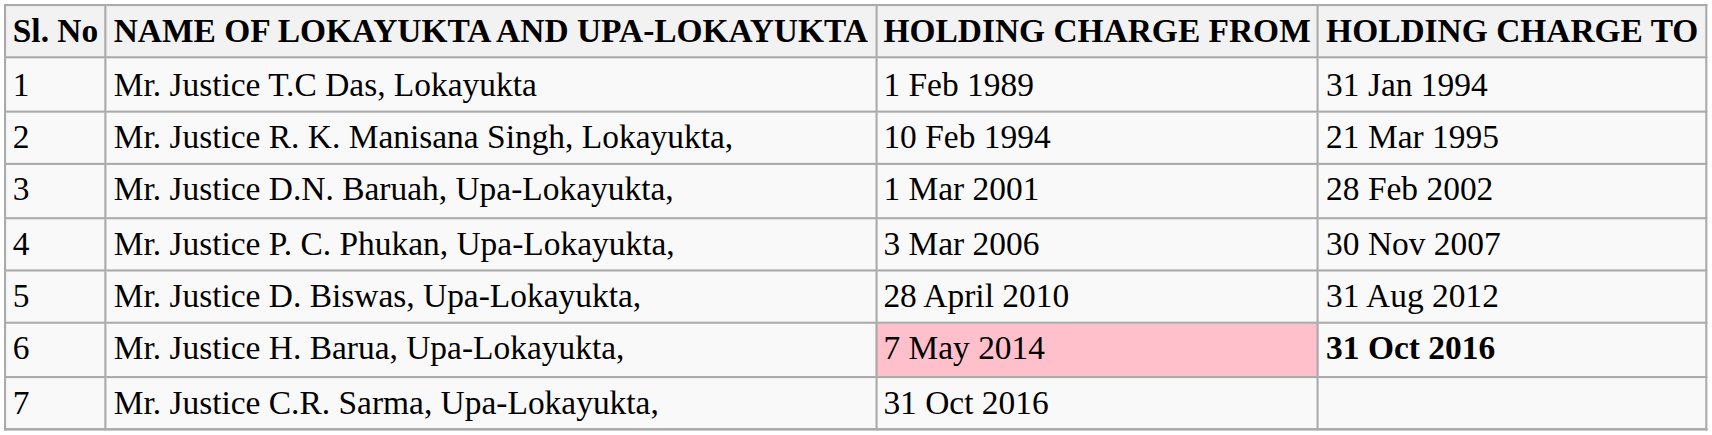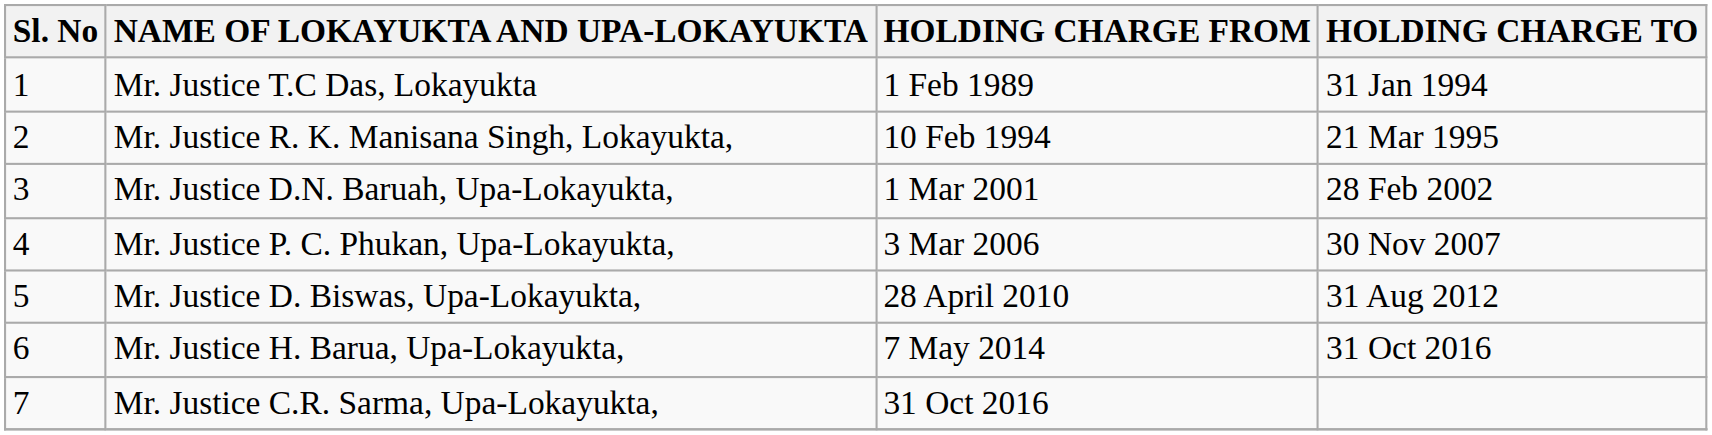 <table class="wikitable sortable">
 <tr>
 <th>Sl. No</th>
 <th>NAME OF LOKAYUKTA AND UPA-LOKAYUKTA</th>
 <th>HOLDING CHARGE FROM</th>
 <th>HOLDING CHARGE TO</th>
 </tr>
 <tr>
 <td>1</td>
 <td>Mr. Justice T.C Das, Lokayukta</td>
 <td>1 Feb 1989</td>
 <td>31 Jan 1994</td>
 </tr>
 <tr>
 <td>2</td>
 <td>Mr. Justice R. K. Manisana Singh, Lokayukta,</td>
 <td>10 Feb 1994</td>
 <td>21 Mar 1995</td>
 </tr>
 <tr>
 <td>3</td>
 <td>Mr. Justice D.N. Baruah, Upa-Lokayukta,</td>
 <td>1 Mar 2001</td>
 <td>28 Feb 2002</td>
 </tr>
 <tr>
 <td>4</td>
 <td>Mr. Justice P. C. Phukan, Upa-Lokayukta,</td>
 <td>3 Mar 2006</td>
 <td>30 Nov 2007</td>
 </tr>
 <tr>
 <td>5</td>
 <td>Mr. Justice D. Biswas, Upa-Lokayukta,</td>
 <td>28 April 2010</td>
 <td>31 Aug 2012</td>
 </tr>
 <tr>
 <td>6</td>
 <td>Mr. Justice H. Barua, Upa-Lokayukta,</td>
-<td style="background: pink;">7 May 2014</td>
-<td><strong>31 Oct 2016</strong></td>
+<td>7 May 2014</td>
+<td>31 Oct 2016</td>
 </tr>
 <tr>
 <td>7</td>
 <td>Mr. Justice C.R. Sarma, Upa-Lokayukta,</td>
 <td>31 Oct 2016</td>
 <td></td>
 </tr>
 <tr>
 </tr>
 </table>
